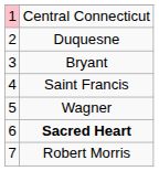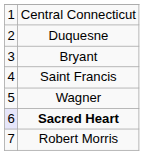 <table class="wikitable">
 <tr align="center">
 </tr>
 <tr align="center">
-<td style="background: pink;">1</td>
+<td>1</td>
 <td>Central Connecticut</td>
 </tr>
 <tr align="center">
 <td>2</td>
 <td>Duquesne</td>
 </tr>
 <tr align="center">
 <td>3</td>
 <td>Bryant</td>
 </tr>
 <tr align="center">
 <td>4</td>
 <td>Saint Francis</td>
 </tr>
 <tr align="center">
 <td>5</td>
 <td>Wagner</td>
 </tr>
 <tr align="center">
-<td>6</td>
+<td style="background: lavender;">6</td>
 <td><strong>Sacred Heart</strong></td>
 </tr>
 <tr align="center">
 <td>7</td>
 <td>Robert Morris</td>
 </tr>
 </table>
